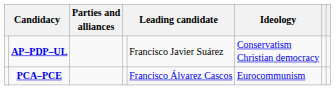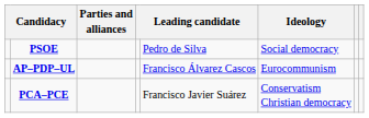 <table class="wikitable" style="line-height:1.35em; text-align:left;">
 <tr>
 <th colspan="2">Candidacy</th>
 <th>Parties and<br>alliances</th>
 <th colspan="2">Leading candidate</th>
 <th>Ideology</th>
 <th></th>
 <th></th>
 </tr>
 <tr>
+<td width="1" style="color:inherit;background:"></td>
+<td align="center"><strong><a href='#'>PSOE</a></strong></td>
+<td></td>
+<td></td>
+<td><a href='#'>Pedro de Silva</a></td>
+<td><a href='#'>Social democracy</a></td>
+<td></td>
+<td><br></td>
+</tr>
+<tr>
 <td style="color:inherit;background:"></td>
 <td align="center"><strong><a href='#'>AP–PDP–UL</a></strong></td>
 <td></td>
 <td></td>
-<td>Francisco Javier Suárez</td>
-<td><a href='#'>Conservatism</a><br><a href='#'>Christian democracy</a></td>
+<td><a href='#'>Francisco Álvarez Cascos</a></td>
+<td><a href='#'>Eurocommunism</a></td>
 <td></td>
 <td></td>
 </tr>
 <tr>
 <td style="color:inherit;background:"></td>
 <td align="center"><strong><a href='#'>PCA–PCE</a></strong></td>
 <td></td>
 <td></td>
-<td><a href='#'>Francisco Álvarez Cascos</a></td>
-<td><a href='#'>Eurocommunism</a></td>
+<td>Francisco Javier Suárez</td>
+<td><a href='#'>Conservatism</a><br><a href='#'>Christian democracy</a></td>
 <td></td>
 <td></td>
 </tr>
 </table>
